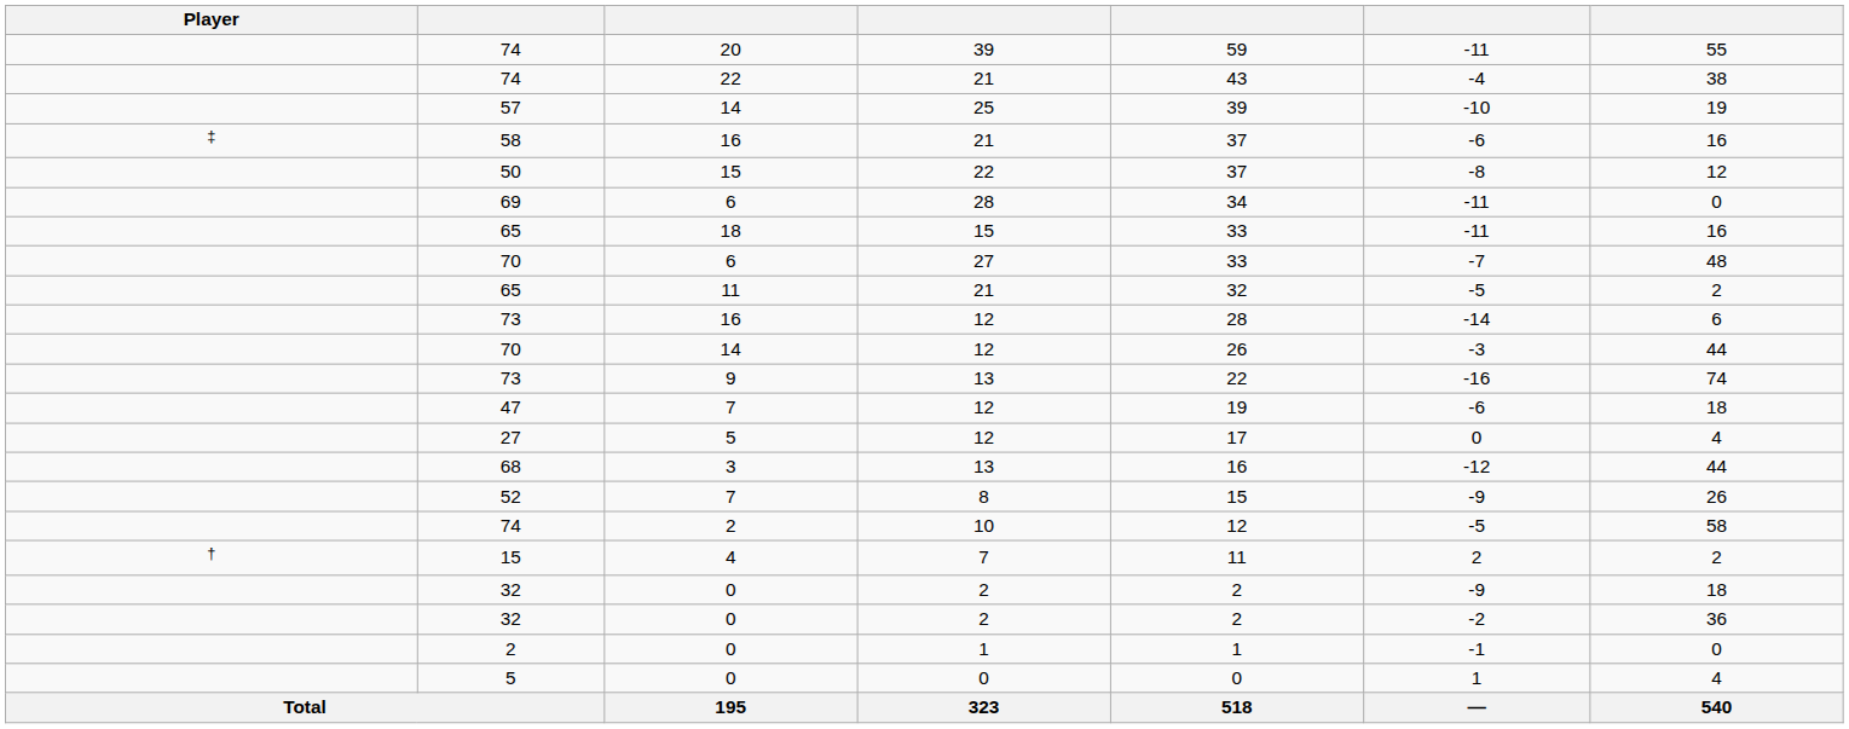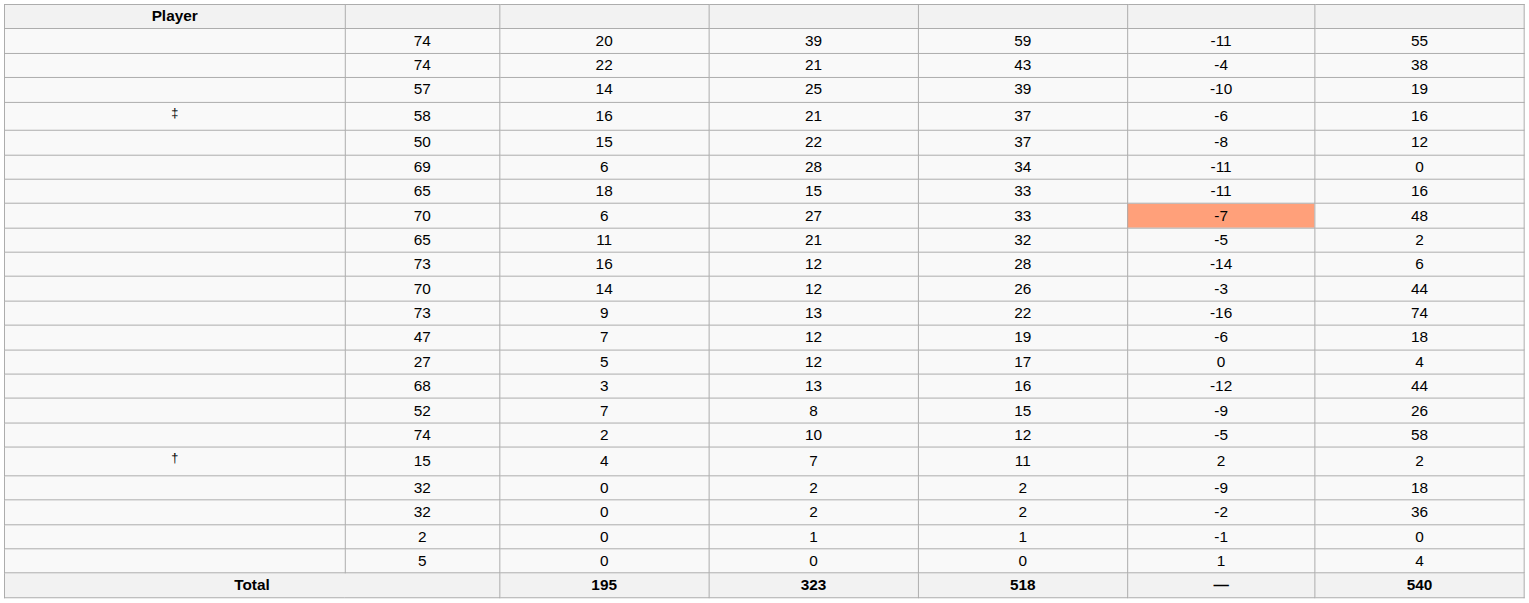 <table class="wikitable sortable" style="width:100%; text-align:center;">
 <tr align=center>
 <th>Player</th>
 <th></th>
 <th></th>
 <th></th>
 <th></th>
 <th data-sort-type="number"></th>
 <th></th>
 </tr>
 <tr>
 <td></td>
 <td>74</td>
 <td>20</td>
 <td>39</td>
 <td>59</td>
 <td>-11</td>
 <td>55</td>
 </tr>
 <tr>
 <td></td>
 <td>74</td>
 <td>22</td>
 <td>21</td>
 <td>43</td>
 <td>-4</td>
 <td>38</td>
 </tr>
 <tr>
 <td></td>
 <td>57</td>
 <td>14</td>
 <td>25</td>
 <td>39</td>
 <td>-10</td>
 <td>19</td>
 </tr>
 <tr>
 <td><sup>‡</sup></td>
 <td>58</td>
 <td>16</td>
 <td>21</td>
 <td>37</td>
 <td>-6</td>
 <td>16</td>
 </tr>
 <tr>
 <td></td>
 <td>50</td>
 <td>15</td>
 <td>22</td>
 <td>37</td>
 <td>-8</td>
 <td>12</td>
 </tr>
 <tr>
 <td></td>
 <td>69</td>
 <td>6</td>
 <td>28</td>
 <td>34</td>
 <td>-11</td>
 <td>0</td>
 </tr>
 <tr>
 <td></td>
 <td>65</td>
 <td>18</td>
 <td>15</td>
 <td>33</td>
 <td>-11</td>
 <td>16</td>
 </tr>
 <tr>
 <td></td>
 <td>70</td>
 <td>6</td>
 <td>27</td>
 <td>33</td>
-<td>-7</td>
+<td style="background: lightsalmon;">-7</td>
 <td>48</td>
 </tr>
 <tr>
 <td></td>
 <td>65</td>
 <td>11</td>
 <td>21</td>
 <td>32</td>
 <td>-5</td>
 <td>2</td>
 </tr>
 <tr>
 <td></td>
 <td>73</td>
 <td>16</td>
 <td>12</td>
 <td>28</td>
 <td>-14</td>
 <td>6</td>
 </tr>
 <tr>
 <td></td>
 <td>70</td>
 <td>14</td>
 <td>12</td>
 <td>26</td>
 <td>-3</td>
 <td>44</td>
 </tr>
 <tr>
 <td></td>
 <td>73</td>
 <td>9</td>
 <td>13</td>
 <td>22</td>
 <td>-16</td>
 <td>74</td>
 </tr>
 <tr>
 <td></td>
 <td>47</td>
 <td>7</td>
 <td>12</td>
 <td>19</td>
 <td>-6</td>
 <td>18</td>
 </tr>
 <tr>
 <td></td>
 <td>27</td>
 <td>5</td>
 <td>12</td>
 <td>17</td>
 <td>0</td>
 <td>4</td>
 </tr>
 <tr>
 <td></td>
 <td>68</td>
 <td>3</td>
 <td>13</td>
 <td>16</td>
 <td>-12</td>
 <td>44</td>
 </tr>
 <tr>
 <td></td>
 <td>52</td>
 <td>7</td>
 <td>8</td>
 <td>15</td>
 <td>-9</td>
 <td>26</td>
 </tr>
 <tr>
 <td></td>
 <td>74</td>
 <td>2</td>
 <td>10</td>
 <td>12</td>
 <td>-5</td>
 <td>58</td>
 </tr>
 <tr>
 <td><sup>†</sup></td>
 <td>15</td>
 <td>4</td>
 <td>7</td>
 <td>11</td>
 <td>2</td>
 <td>2</td>
 </tr>
 <tr>
 <td></td>
 <td>32</td>
 <td>0</td>
 <td>2</td>
 <td>2</td>
 <td>-9</td>
 <td>18</td>
 </tr>
 <tr>
 <td></td>
 <td>32</td>
 <td>0</td>
 <td>2</td>
 <td>2</td>
 <td>-2</td>
 <td>36</td>
 </tr>
 <tr>
 <td></td>
 <td>2</td>
 <td>0</td>
 <td>1</td>
 <td>1</td>
 <td>-1</td>
 <td>0</td>
 </tr>
 <tr>
 <td></td>
 <td>5</td>
 <td>0</td>
 <td>0</td>
 <td>0</td>
 <td>1</td>
 <td>4</td>
 </tr>
 <tr class="sortbottom">
 <th colspan=2>Total</th>
 <th>195</th>
 <th>323</th>
 <th>518</th>
 <th>—</th>
 <th>540</th>
 </tr>
 </table>
